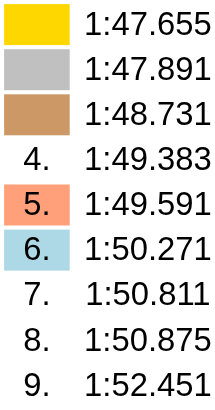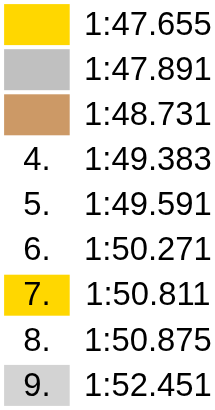 <table style="text-align:center">
 <tr>
 <td width=30 bgcolor=gold></td>
 <td align=left></td>
 <td width=60>1:47.655</td>
 </tr>
 <tr>
 <td bgcolor=silver></td>
 <td align=left></td>
 <td>1:47.891</td>
 </tr>
 <tr>
 <td bgcolor=cc9966></td>
 <td align=left></td>
 <td>1:48.731</td>
 </tr>
 <tr>
 <td>4.</td>
 <td align=left></td>
 <td>1:49.383</td>
 </tr>
 <tr>
-<td style="background: lightsalmon;">5.</td>
+<td>5.</td>
 <td align=left></td>
 <td>1:49.591</td>
 </tr>
 <tr>
-<td style="background: lightblue;">6.</td>
+<td>6.</td>
 <td align=left></td>
 <td>1:50.271</td>
 </tr>
 <tr>
-<td>7.</td>
+<td style="background: gold;">7.</td>
 <td align=left></td>
 <td>1:50.811</td>
 </tr>
 <tr>
 <td>8.</td>
 <td align=left></td>
 <td>1:50.875</td>
 </tr>
 <tr>
-<td>9.</td>
+<td style="background: lightgrey;">9.</td>
 <td align=left></td>
 <td>1:52.451</td>
 </tr>
 </table>
